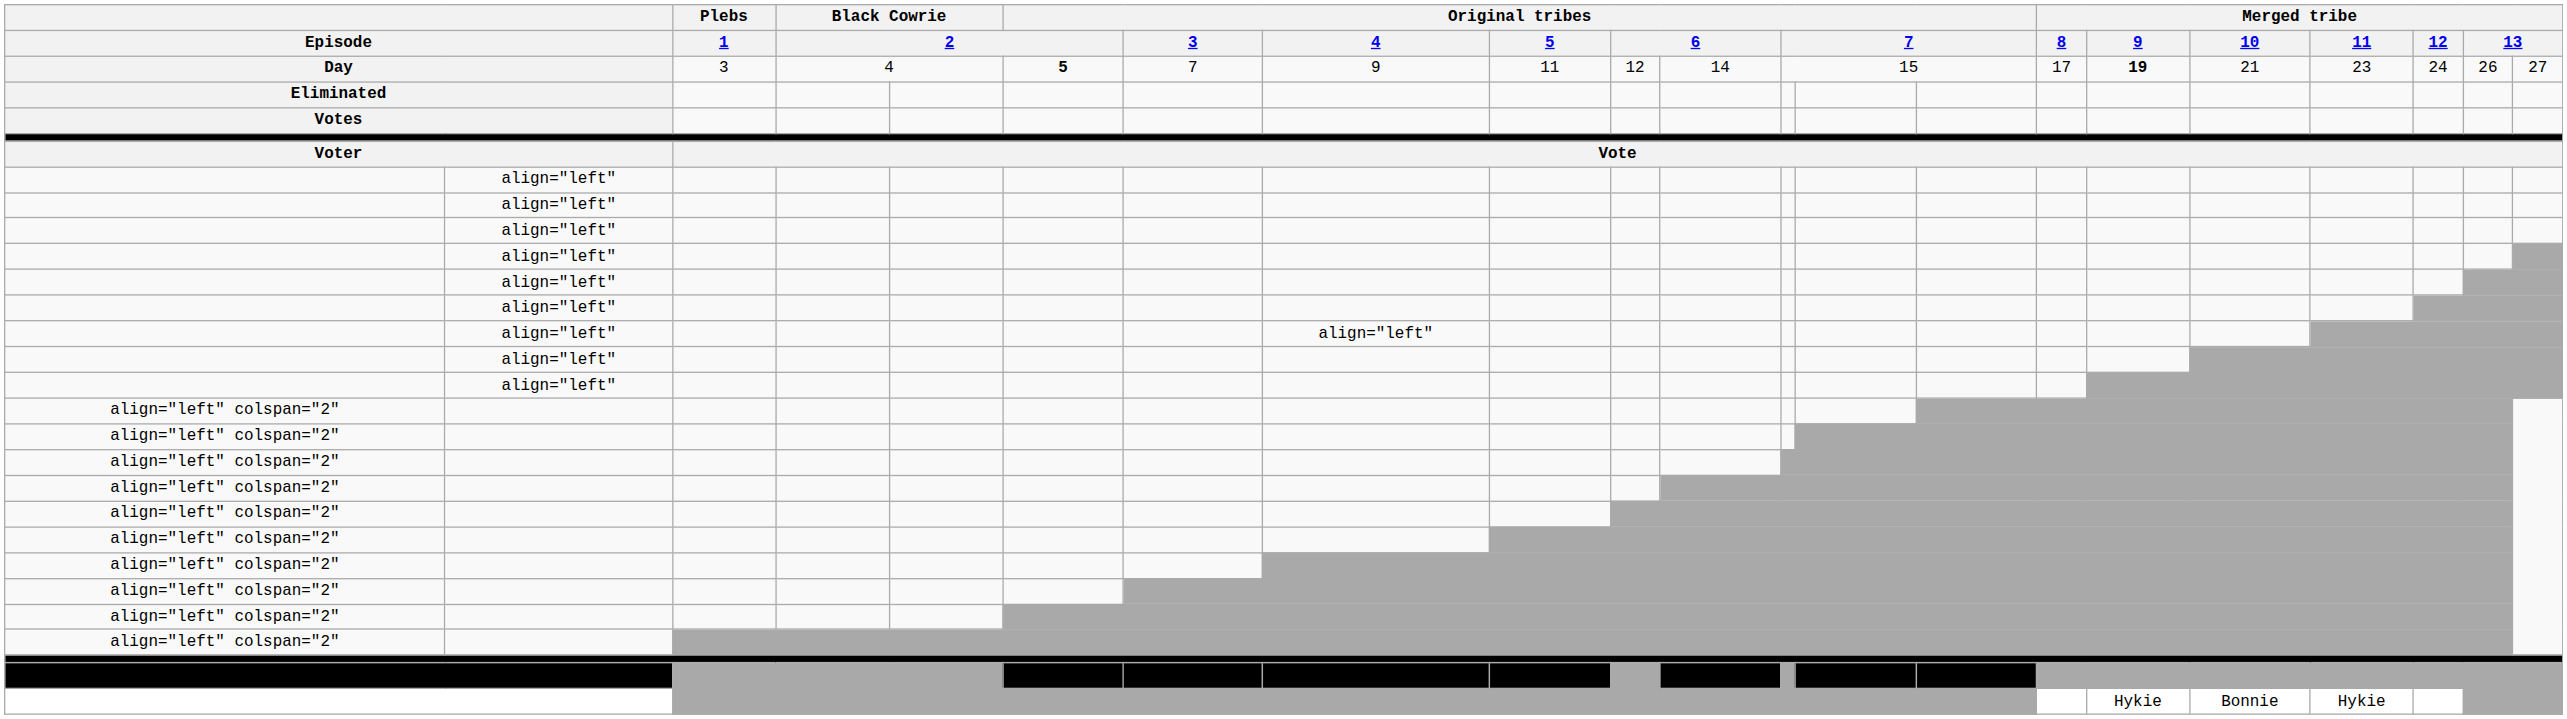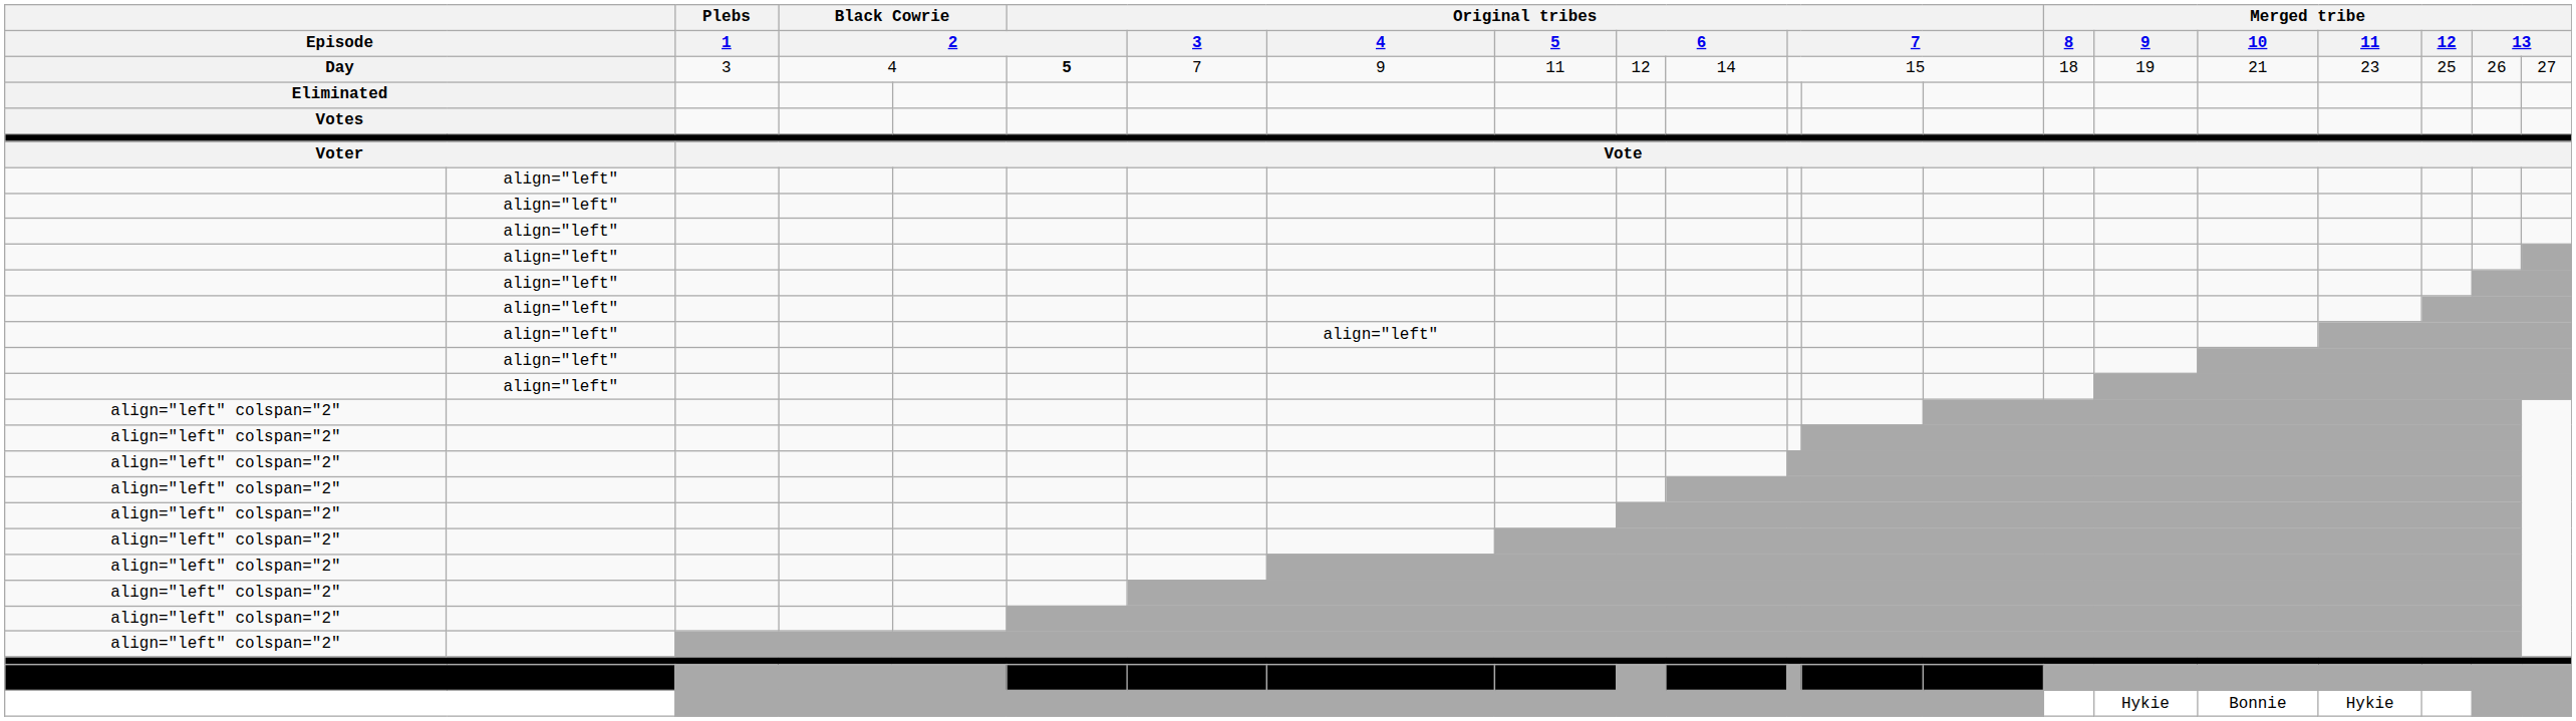 <table class="wikitable" style="text-align:center; font-size:95%; width:100%">
 <tr>
 <th colspan="2"></th>
 <th colspan="1">Plebs</th>
 <th colspan="2">Black Cowrie</th>
 <th colspan="9">Original tribes</th>
 <th colspan="7">Merged tribe</th>
 </tr>
 <tr>
 <th colspan="2">Episode</th>
 <th><a href='#'>1</a></th>
 <th colspan="3"><a href='#'>2</a></th>
 <th><a href='#'>3</a></th>
 <th><a href='#'>4</a></th>
 <th><a href='#'>5</a></th>
 <th colspan="2"><a href='#'>6</a></th>
 <th colspan="3"><a href='#'>7</a></th>
 <th><a href='#'>8</a></th>
 <th><a href='#'>9</a></th>
 <th><a href='#'>10</a></th>
 <th><a href='#'>11</a></th>
 <th><a href='#'>12</a></th>
 <th colspan="2"><a href='#'>13</a></th>
 </tr>
 <tr>
 <th colspan="2">Day</th>
 <td>3</td>
 <td colspan="2">4</td>
 <td><strong>5</strong></td>
 <td>7</td>
 <td>9</td>
 <td>11</td>
 <td>12</td>
 <td>14</td>
 <td colspan="3">15</td>
-<td>17</td>
-<td><strong>19</strong></td>
+<td>18</td>
+<td>19</td>
 <td>21</td>
 <td>23</td>
-<td>24</td>
+<td>25</td>
 <td>26</td>
 <td>27</td>
 </tr>
 <tr>
 <th colspan="2">Eliminated</th>
 <td></td>
 <td></td>
 <td></td>
 <td></td>
 <td></td>
 <td></td>
 <td></td>
 <td></td>
 <td></td>
 <td></td>
 <td></td>
 <td></td>
 <td></td>
 <td></td>
 <td></td>
 <td></td>
 <td></td>
 <td></td>
 <td></td>
 </tr>
 <tr>
 <th colspan="2">Votes</th>
 <td></td>
 <td></td>
 <td></td>
 <td></td>
 <td></td>
 <td></td>
 <td></td>
 <td></td>
 <td></td>
 <td></td>
 <td></td>
 <td></td>
 <td></td>
 <td></td>
 <td></td>
 <td></td>
 <td></td>
 <td></td>
 <td></td>
 </tr>
 <tr>
 <td colspan="21" bgcolor="black"></td>
 </tr>
 <tr>
 <th colspan=2>Voter</th>
 <th colspan='19'>Vote</th>
 </tr>
 <tr>
 <td></td>
 <td>align="left" </td>
 <td></td>
 <td></td>
 <td></td>
 <td></td>
 <td></td>
 <td></td>
 <td></td>
 <td></td>
 <td></td>
 <td></td>
 <td></td>
 <td></td>
 <td></td>
 <td></td>
 <td></td>
 <td></td>
 <td></td>
 <td></td>
 <td></td>
 </tr>
 <tr>
 <td></td>
 <td>align="left" </td>
 <td></td>
 <td></td>
 <td></td>
 <td></td>
 <td></td>
 <td></td>
 <td></td>
 <td></td>
 <td></td>
 <td></td>
 <td></td>
 <td></td>
 <td></td>
 <td></td>
 <td></td>
 <td></td>
 <td></td>
 <td></td>
 <td></td>
 </tr>
 <tr>
 <td></td>
 <td>align="left" </td>
 <td></td>
 <td></td>
 <td></td>
 <td></td>
 <td></td>
 <td></td>
 <td></td>
 <td></td>
 <td></td>
 <td></td>
 <td></td>
 <td></td>
 <td></td>
 <td></td>
 <td></td>
 <td></td>
 <td></td>
 <td></td>
 <td></td>
 </tr>
 <tr>
 <td></td>
 <td>align="left" </td>
 <td></td>
 <td></td>
 <td></td>
 <td></td>
 <td></td>
 <td></td>
 <td></td>
 <td></td>
 <td></td>
 <td></td>
 <td></td>
 <td></td>
 <td></td>
 <td></td>
 <td></td>
 <td></td>
 <td></td>
 <td></td>
 <td colspan="1" bgcolor="darkgray"></td>
 </tr>
 <tr>
 <td></td>
 <td>align="left" </td>
 <td></td>
 <td></td>
 <td></td>
 <td></td>
 <td></td>
 <td></td>
 <td></td>
 <td></td>
 <td></td>
 <td></td>
 <td></td>
 <td></td>
 <td></td>
 <td></td>
 <td></td>
 <td></td>
 <td></td>
 <td colspan="2" bgcolor="darkgray"></td>
 </tr>
 <tr>
 <td></td>
 <td>align="left" </td>
 <td></td>
 <td></td>
 <td></td>
 <td></td>
 <td></td>
 <td></td>
 <td></td>
 <td></td>
 <td></td>
 <td></td>
 <td></td>
 <td></td>
 <td></td>
 <td></td>
 <td></td>
 <td></td>
 <td colspan="3" bgcolor="darkgray"></td>
 </tr>
 <tr>
 <td></td>
 <td>align="left" </td>
 <td></td>
 <td></td>
 <td></td>
 <td></td>
 <td></td>
 <td>align="left" </td>
 <td></td>
 <td></td>
 <td></td>
 <td></td>
 <td></td>
 <td></td>
 <td></td>
 <td></td>
 <td></td>
 <td colspan="4" bgcolor="darkgray"></td>
 </tr>
 <tr>
 <td></td>
 <td>align="left" </td>
 <td></td>
 <td></td>
 <td></td>
 <td></td>
 <td></td>
 <td></td>
 <td></td>
 <td></td>
 <td></td>
 <td></td>
 <td></td>
 <td></td>
 <td></td>
 <td></td>
 <td colspan="5" bgcolor="darkgray"></td>
 </tr>
 <tr>
 <td></td>
 <td>align="left" </td>
 <td></td>
 <td></td>
 <td></td>
 <td></td>
 <td></td>
 <td></td>
 <td></td>
 <td></td>
 <td></td>
 <td></td>
 <td></td>
 <td></td>
 <td></td>
 <td colspan="6" bgcolor="darkgray"></td>
 </tr>
 <tr>
 <td>align="left" colspan="2" </td>
 <td></td>
 <td></td>
 <td></td>
 <td></td>
 <td></td>
 <td></td>
 <td></td>
 <td></td>
 <td></td>
 <td></td>
 <td></td>
 <td></td>
 <td colspan="7" bgcolor="darkgray"></td>
 </tr>
 <tr>
 <td>align="left" colspan="2" </td>
 <td></td>
 <td></td>
 <td></td>
 <td></td>
 <td></td>
 <td></td>
 <td></td>
 <td></td>
 <td></td>
 <td></td>
 <td></td>
 <td colspan="8" bgcolor="darkgray"></td>
 </tr>
 <tr>
 <td>align="left" colspan="2" </td>
 <td></td>
 <td></td>
 <td></td>
 <td></td>
 <td></td>
 <td></td>
 <td></td>
 <td></td>
 <td></td>
 <td></td>
 <td colspan="9" bgcolor="darkgray"></td>
 </tr>
 <tr>
 <td>align="left" colspan="2" </td>
 <td></td>
 <td></td>
 <td></td>
 <td></td>
 <td></td>
 <td></td>
 <td></td>
 <td></td>
 <td></td>
 <td colspan="10" bgcolor="darkgray"></td>
 </tr>
 <tr>
 <td>align="left" colspan="2" </td>
 <td></td>
 <td></td>
 <td></td>
 <td></td>
 <td></td>
 <td></td>
 <td></td>
 <td></td>
 <td colspan="11" bgcolor="darkgray"></td>
 </tr>
 <tr>
 <td>align="left" colspan="2" </td>
 <td></td>
 <td></td>
 <td></td>
 <td></td>
 <td></td>
 <td></td>
 <td></td>
 <td colspan="12" bgcolor="darkgray"></td>
 </tr>
 <tr>
 <td>align="left" colspan="2" </td>
 <td></td>
 <td></td>
 <td></td>
 <td></td>
 <td></td>
 <td></td>
 <td colspan="13" bgcolor="darkgray"></td>
 </tr>
 <tr>
 <td>align="left" colspan="2" </td>
 <td></td>
 <td></td>
 <td></td>
 <td></td>
 <td></td>
 <td colspan="14" bgcolor="darkgray"></td>
 </tr>
 <tr>
 <td>align="left" colspan="2" </td>
 <td></td>
 <td></td>
 <td></td>
 <td></td>
 <td colspan="15" bgcolor="darkgray"></td>
 </tr>
 <tr>
 <td>align="left" colspan="2" </td>
 <td></td>
 <td colspan="18" bgcolor="darkgray"></td>
 </tr>
 <tr>
 <td style="background:black" colspan="21"></td>
 </tr>
 <tr>
 <td colspan=2 bgcolor="black"><span></td>
 <td colspan="3" bgcolor="darkgray"></td>
 <td bgcolor="black"><span>Alison</span></td>
 <td bgcolor="black"><span>Tasleem</span></td>
 <td bgcolor="black"><span>Tasleem</span></td>
 <td bgcolor="black"><span>Bonnie</span></td>
 <td bgcolor="darkgray"></td>
 <td bgcolor="black"><span>Alison</span></td>
 <td bgcolor="darkgray"></td>
 <td bgcolor="black"><span>Alison</span></td>
 <td bgcolor="black"><span>Bonnie</span></td>
 <td colspan="7" bgcolor="darkgray"></td>
 </tr>
 <tr>
 <td colspan=2 bgcolor="white"><span></td>
 <td colspan="12" bgcolor="darkgray"></td>
 <td bgcolor="white"><small></small></td>
 <td bgcolor="white">Hykie</td>
 <td bgcolor="white">Bonnie</td>
 <td bgcolor="white">Hykie</td>
 <td bgcolor="white"><small></small></td>
 <td colspan="2" bgcolor="darkgray"></td>
 </tr>
 </table>
